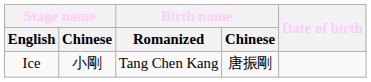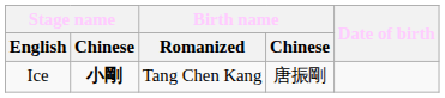 <table class="wikitable">
 <tr style="color:#fcf;"|>
 <th colspan="2" style="text-align:center;">Stage name</th>
 <th colspan="2" style="text-align:center;">Birth name</th>
 <th rowspan="2" style="text-align:center;">Date of birth  </th>
 </tr>
 <tr>
 <th style="text-align:center;">English</th>
 <th style="text-align:center;">Chinese</th>
 <th style="text-align:center;">Romanized</th>
 <th style="text-align:center;">Chinese</th>
 </tr>
 <tr>
 <td style="text-align:center;">Ice</td>
-<td style="text-align:center;">小剛</td>
+<td style="text-align:center;"><strong>小剛</strong></td>
 <td style="text-align:center;">Tang Chen Kang</td>
 <td style="text-align:center;">唐振剛</td>
 <td style="text-align:center;"></td>
 </tr>
 </table>
